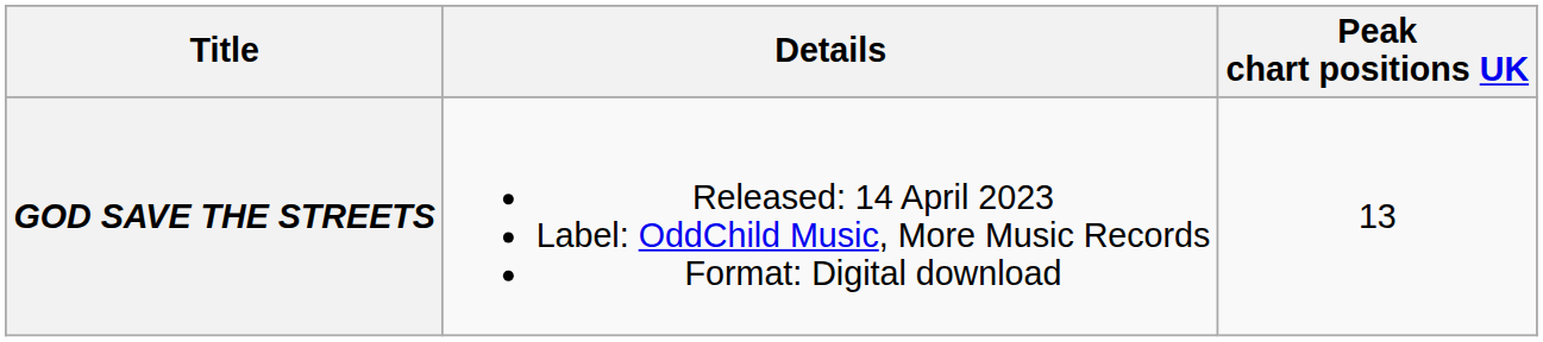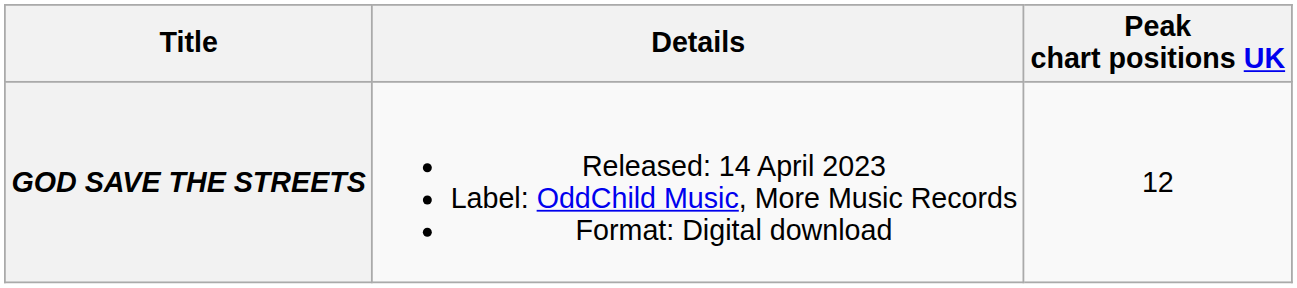 <table class="wikitable plainrowheaders" style="text-align:center;">
 <tr>
 <th scope="col">Title</th>
 <th scope="col">Details</th>
 <th>Peak<br>chart  positions <a href='#'>UK</a></th>
 </tr>
 <tr>
 <th scope="row"><em>GOD SAVE THE STREETS</em></th>
 <td><br><ul><li>Released: 14 April 2023</li><li>Label: <a href='#'>OddChild Music</a>, More Music Records</li><li>Format: Digital download</li></ul></td>
-<td>13</td>
+<td>12</td>
 </tr>
 </table>
